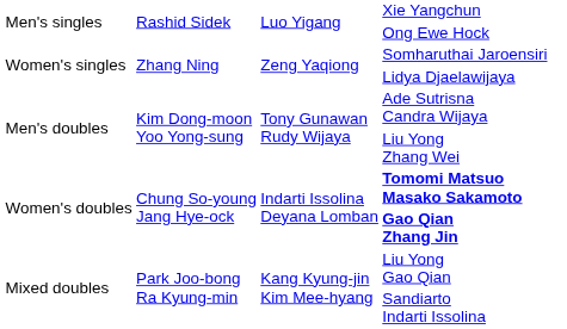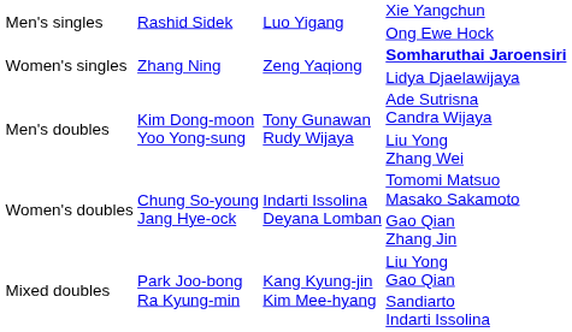 <table>
 <tr>
 <td rowspan=2>Men's singles</td>
 <td rowspan=2> <a href='#'>Rashid Sidek</a></td>
 <td rowspan=2> <a href='#'>Luo Yigang</a></td>
 <td> <a href='#'>Xie Yangchun</a></td>
 </tr>
 <tr>
 <td> <a href='#'>Ong Ewe Hock</a></td>
 </tr>
 <tr>
 <td rowspan=2>Women's singles</td>
 <td rowspan=2> <a href='#'>Zhang Ning</a></td>
 <td rowspan=2> <a href='#'>Zeng Yaqiong</a></td>
-<td> <a href='#'>Somharuthai Jaroensiri</a></td>
+<td><strong> <a href='#'>Somharuthai Jaroensiri</a></strong></td>
 </tr>
 <tr>
 <td> <a href='#'>Lidya Djaelawijaya</a></td>
 </tr>
 <tr>
 <td rowspan=2>Men's doubles</td>
 <td rowspan=2> <a href='#'>Kim Dong-moon</a><br> <a href='#'>Yoo Yong-sung</a></td>
 <td rowspan=2> <a href='#'>Tony Gunawan</a><br> <a href='#'>Rudy Wijaya</a></td>
 <td> <a href='#'>Ade Sutrisna</a><br> <a href='#'>Candra Wijaya</a></td>
 </tr>
 <tr>
 <td> <a href='#'>Liu Yong</a><br> <a href='#'>Zhang Wei</a></td>
 </tr>
 <tr>
 <td rowspan=2>Women's doubles</td>
 <td rowspan=2> <a href='#'>Chung So-young</a><br> <a href='#'>Jang Hye-ock</a></td>
 <td rowspan=2> <a href='#'>Indarti Issolina</a><br> <a href='#'>Deyana Lomban</a></td>
-<td><strong> <a href='#'>Tomomi Matsuo</a> <br> <a href='#'>Masako Sakamoto</a></strong></td>
+<td> <a href='#'>Tomomi Matsuo</a> <br> <a href='#'>Masako Sakamoto</a></td>
 </tr>
 <tr>
-<td><strong> <a href='#'>Gao Qian</a><br> <a href='#'>Zhang Jin</a></strong></td>
+<td> <a href='#'>Gao Qian</a><br> <a href='#'>Zhang Jin</a></td>
 </tr>
 <tr>
 <td rowspan=2>Mixed doubles</td>
 <td rowspan=2> <a href='#'>Park Joo-bong</a><br> <a href='#'>Ra Kyung-min</a></td>
 <td rowspan=2> <a href='#'>Kang Kyung-jin</a><br> <a href='#'>Kim Mee-hyang</a></td>
 <td> <a href='#'>Liu Yong</a><br> <a href='#'>Gao Qian</a></td>
 </tr>
 <tr>
 <td> <a href='#'>Sandiarto</a><br> <a href='#'>Indarti Issolina</a></td>
 </tr>
 </table>
